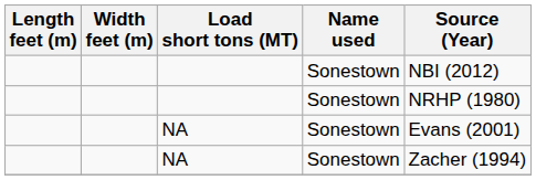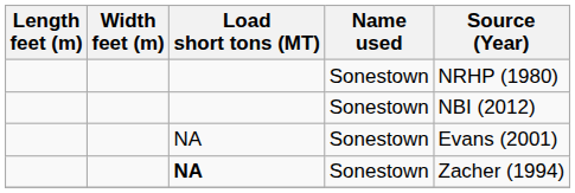 <table class="wikitable sortable">
 <tr>
 <th width="*"><strong>Length</strong><br>feet (m)</th>
 <th width="*"><strong>Width</strong><br>feet (m)</th>
 <th width="*"><strong>Load</strong><br>short tons (MT)</th>
 <th width="*" class="unsortable"><strong>Name<br>used</strong></th>
 <th width="*" class="unsortable"><strong>Source<br>(Year)</strong></th>
 </tr>
 <tr ->
 <td></td>
 <td></td>
 <td></td>
 <td>Sonestown</td>
-<td>NBI (2012)</td>
+<td>NRHP (1980)</td>
 </tr>
 <tr ->
 <td></td>
 <td></td>
 <td></td>
 <td>Sonestown</td>
-<td>NRHP (1980)</td>
+<td>NBI (2012)</td>
 </tr>
 <tr ->
 <td></td>
 <td></td>
 <td>NA</td>
 <td>Sonestown</td>
 <td>Evans (2001)</td>
 </tr>
 <tr ->
 <td></td>
 <td></td>
-<td>NA</td>
+<td><strong>NA</strong></td>
 <td>Sonestown</td>
 <td>Zacher (1994)</td>
 </tr>
 <tr ->
 </tr>
 </table>
